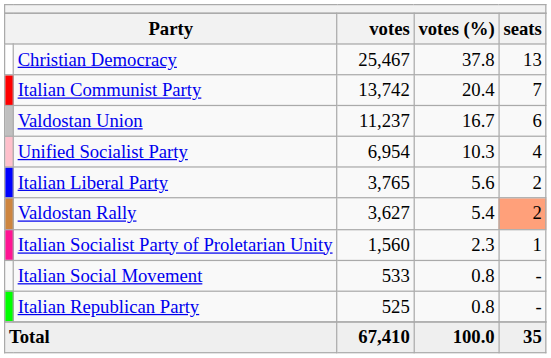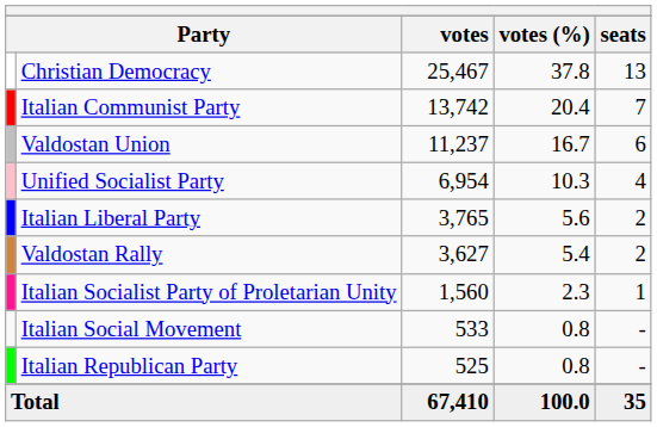 <table class="wikitable" style="font-size:95%">
 <tr>
 <th colspan=5></th>
 </tr>
 <tr>
 </tr>
 <tr bgcolor="EFEFEF">
 <th colspan=2>Party</th>
 <th>      votes</th>
 <th>votes (%)</th>
 <th>seats</th>
 </tr>
 <tr>
 <td bgcolor=White></td>
 <td><a href='#'>Christian Democracy</a></td>
 <td align=right>25,467</td>
 <td align=right>37.8</td>
 <td align=right>13</td>
 </tr>
 <tr>
 <td bgcolor=Red></td>
 <td><a href='#'>Italian Communist Party</a></td>
 <td align=right>13,742</td>
 <td align=right>20.4</td>
 <td align=right>7</td>
 </tr>
 <tr>
 <td bgcolor=Silver></td>
 <td><a href='#'>Valdostan Union</a></td>
 <td align=right>11,237</td>
 <td align=right>16.7</td>
 <td align=right>6</td>
 </tr>
 <tr>
 <td bgcolor=Pink></td>
 <td><a href='#'>Unified Socialist Party</a></td>
 <td align=right>6,954</td>
 <td align=right>10.3</td>
 <td align=right>4</td>
 </tr>
 <tr>
 <td bgcolor=Blue></td>
 <td><a href='#'>Italian Liberal Party</a></td>
 <td align=right>3,765</td>
 <td align=right>5.6</td>
 <td align=right>2</td>
 </tr>
 <tr>
 <td bgcolor=Peru></td>
 <td><a href='#'>Valdostan Rally</a></td>
 <td align=right>3,627</td>
 <td align=right>5.4</td>
-<td align=right style="background: lightsalmon;">2</td>
+<td align=right>2</td>
 </tr>
 <tr>
 <td bgcolor=Deeppink></td>
 <td><a href='#'>Italian Socialist Party of Proletarian Unity</a></td>
 <td align=right>1,560</td>
 <td align=right>2.3</td>
 <td align=right>1</td>
 </tr>
 <tr>
 <td bgcolor=></td>
 <td><a href='#'>Italian Social Movement</a></td>
 <td align=right>533</td>
 <td align=right>0.8</td>
 <td align=right>-</td>
 </tr>
 <tr>
 <td bgcolor=Lime></td>
 <td><a href='#'>Italian Republican Party</a></td>
 <td align=right>525</td>
 <td align=right>0.8</td>
 <td align=right>-</td>
 </tr>
 <tr>
 </tr>
 <tr bgcolor="EFEFEF">
 <td colspan=2><strong>Total</strong></td>
 <td align=right><strong>67,410</strong></td>
 <td align=right><strong>100.0</strong></td>
 <td align=right><strong>35</strong></td>
 </tr>
 </table>
